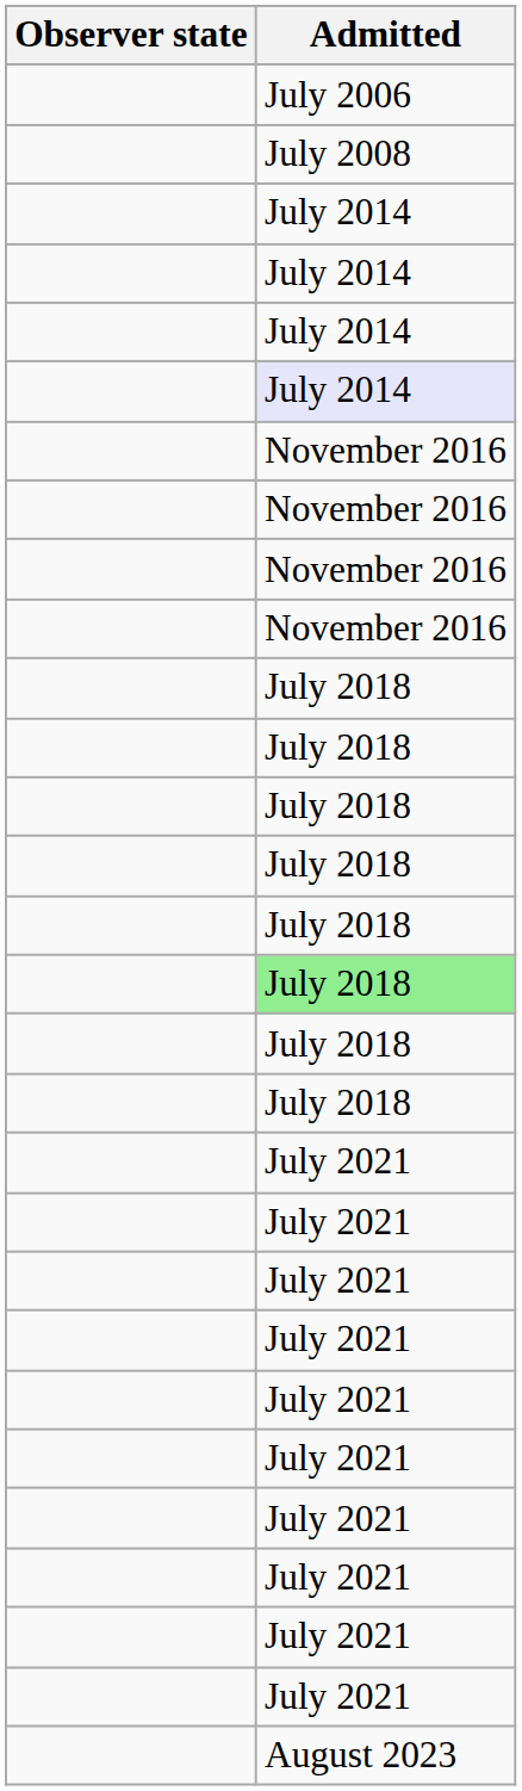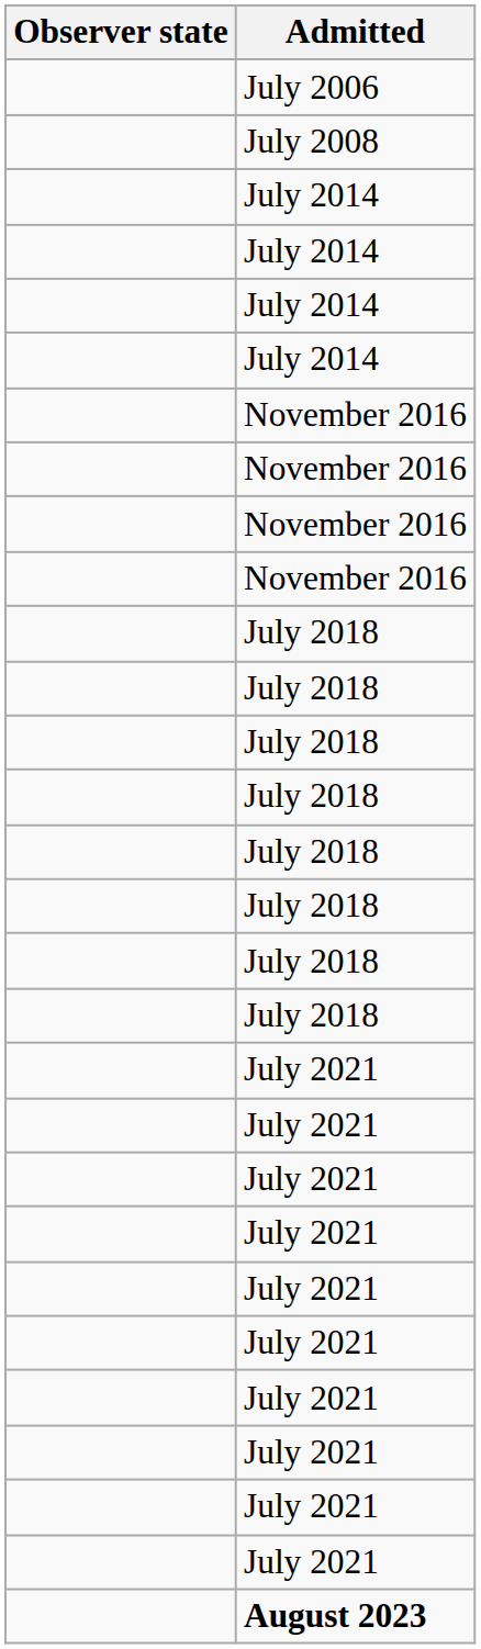 <table class="wikitable sortable">
 <tr>
 <th>Observer state</th>
 <th>Admitted</th>
 </tr>
 <tr>
 <td></td>
 <td>July 2006</td>
 </tr>
 <tr>
 <td></td>
 <td>July 2008</td>
 </tr>
 <tr>
 <td></td>
 <td>July 2014</td>
 </tr>
 <tr>
 <td></td>
 <td>July 2014</td>
 </tr>
 <tr>
 <td></td>
 <td>July 2014</td>
 </tr>
 <tr>
 <td></td>
-<td style="background: lavender;">July 2014</td>
+<td>July 2014</td>
 </tr>
 <tr>
 <td></td>
 <td>November 2016</td>
 </tr>
 <tr>
 <td></td>
 <td>November 2016</td>
 </tr>
 <tr>
 <td></td>
 <td>November 2016</td>
 </tr>
 <tr>
 <td></td>
 <td>November 2016</td>
 </tr>
 <tr>
 <td></td>
 <td>July 2018</td>
 </tr>
 <tr>
 <td></td>
 <td>July 2018</td>
 </tr>
 <tr>
 <td></td>
 <td>July 2018</td>
 </tr>
 <tr>
 <td></td>
 <td>July 2018</td>
 </tr>
 <tr>
 <td></td>
 <td>July 2018</td>
 </tr>
 <tr>
 <td></td>
-<td style="background: lightgreen;">July 2018</td>
+<td>July 2018</td>
 </tr>
 <tr>
 <td></td>
 <td>July 2018</td>
 </tr>
 <tr>
 <td></td>
 <td>July 2018</td>
 </tr>
 <tr>
 <td></td>
 <td>July 2021</td>
 </tr>
 <tr>
 <td></td>
 <td>July 2021</td>
 </tr>
 <tr>
 <td></td>
 <td>July 2021</td>
 </tr>
 <tr>
 <td></td>
 <td>July 2021</td>
 </tr>
 <tr>
 <td></td>
 <td>July 2021</td>
 </tr>
 <tr>
 <td></td>
 <td>July 2021</td>
 </tr>
 <tr>
 <td></td>
 <td>July 2021</td>
 </tr>
 <tr>
 <td></td>
 <td>July 2021</td>
 </tr>
 <tr>
 <td></td>
 <td>July 2021</td>
 </tr>
 <tr>
 <td></td>
 <td>July 2021</td>
 </tr>
 <tr>
 <td></td>
-<td>August 2023</td>
+<td><strong>August 2023</strong></td>
 </tr>
 </table>
